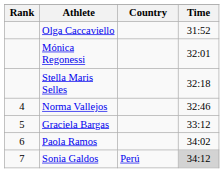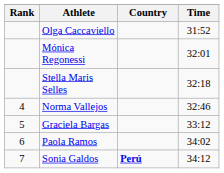 <table class="wikitable sortable" style=" text-align:center; font-size:95%;" width="50%">
 <tr>
 </tr>
 <tr>
 <th width=5%>Rank</th>
 <th width=20%>Athlete</th>
 <th width=15%>Country</th>
 <th width=10%>Time</th>
 </tr>
 <tr>
 <td align=center></td>
 <td align=left><a href='#'>Olga Caccaviello</a></td>
 <td align=left></td>
 <td>31:52</td>
 </tr>
 <tr>
 <td align=center></td>
 <td align=left><a href='#'>Mónica Regonessi</a></td>
 <td align=left></td>
 <td>32:01</td>
 </tr>
 <tr>
 <td align=center></td>
 <td align=left><a href='#'>Stella Maris Selles</a></td>
 <td align=left></td>
 <td>32:18</td>
 </tr>
 <tr>
 <td align=center>4</td>
 <td align=left><a href='#'>Norma Vallejos</a></td>
 <td align=left></td>
 <td>32:46</td>
 </tr>
 <tr>
 <td align=center>5</td>
 <td align=left><a href='#'>Graciela Bargas</a></td>
 <td align=left></td>
 <td>33:12</td>
 </tr>
 <tr>
 <td align=center>6</td>
 <td align=left><a href='#'>Paola Ramos</a></td>
 <td align=left></td>
 <td>34:02</td>
 </tr>
 <tr>
 <td align=center>7</td>
 <td align=left><a href='#'>Sonia Galdos</a></td>
-<td align=left> <a href='#'>Perú</a></td>
-<td style="background: lightgrey;">34:12</td>
+<td align=left><strong> <a href='#'>Perú</a></strong></td>
+<td>34:12</td>
 </tr>
 </table>
